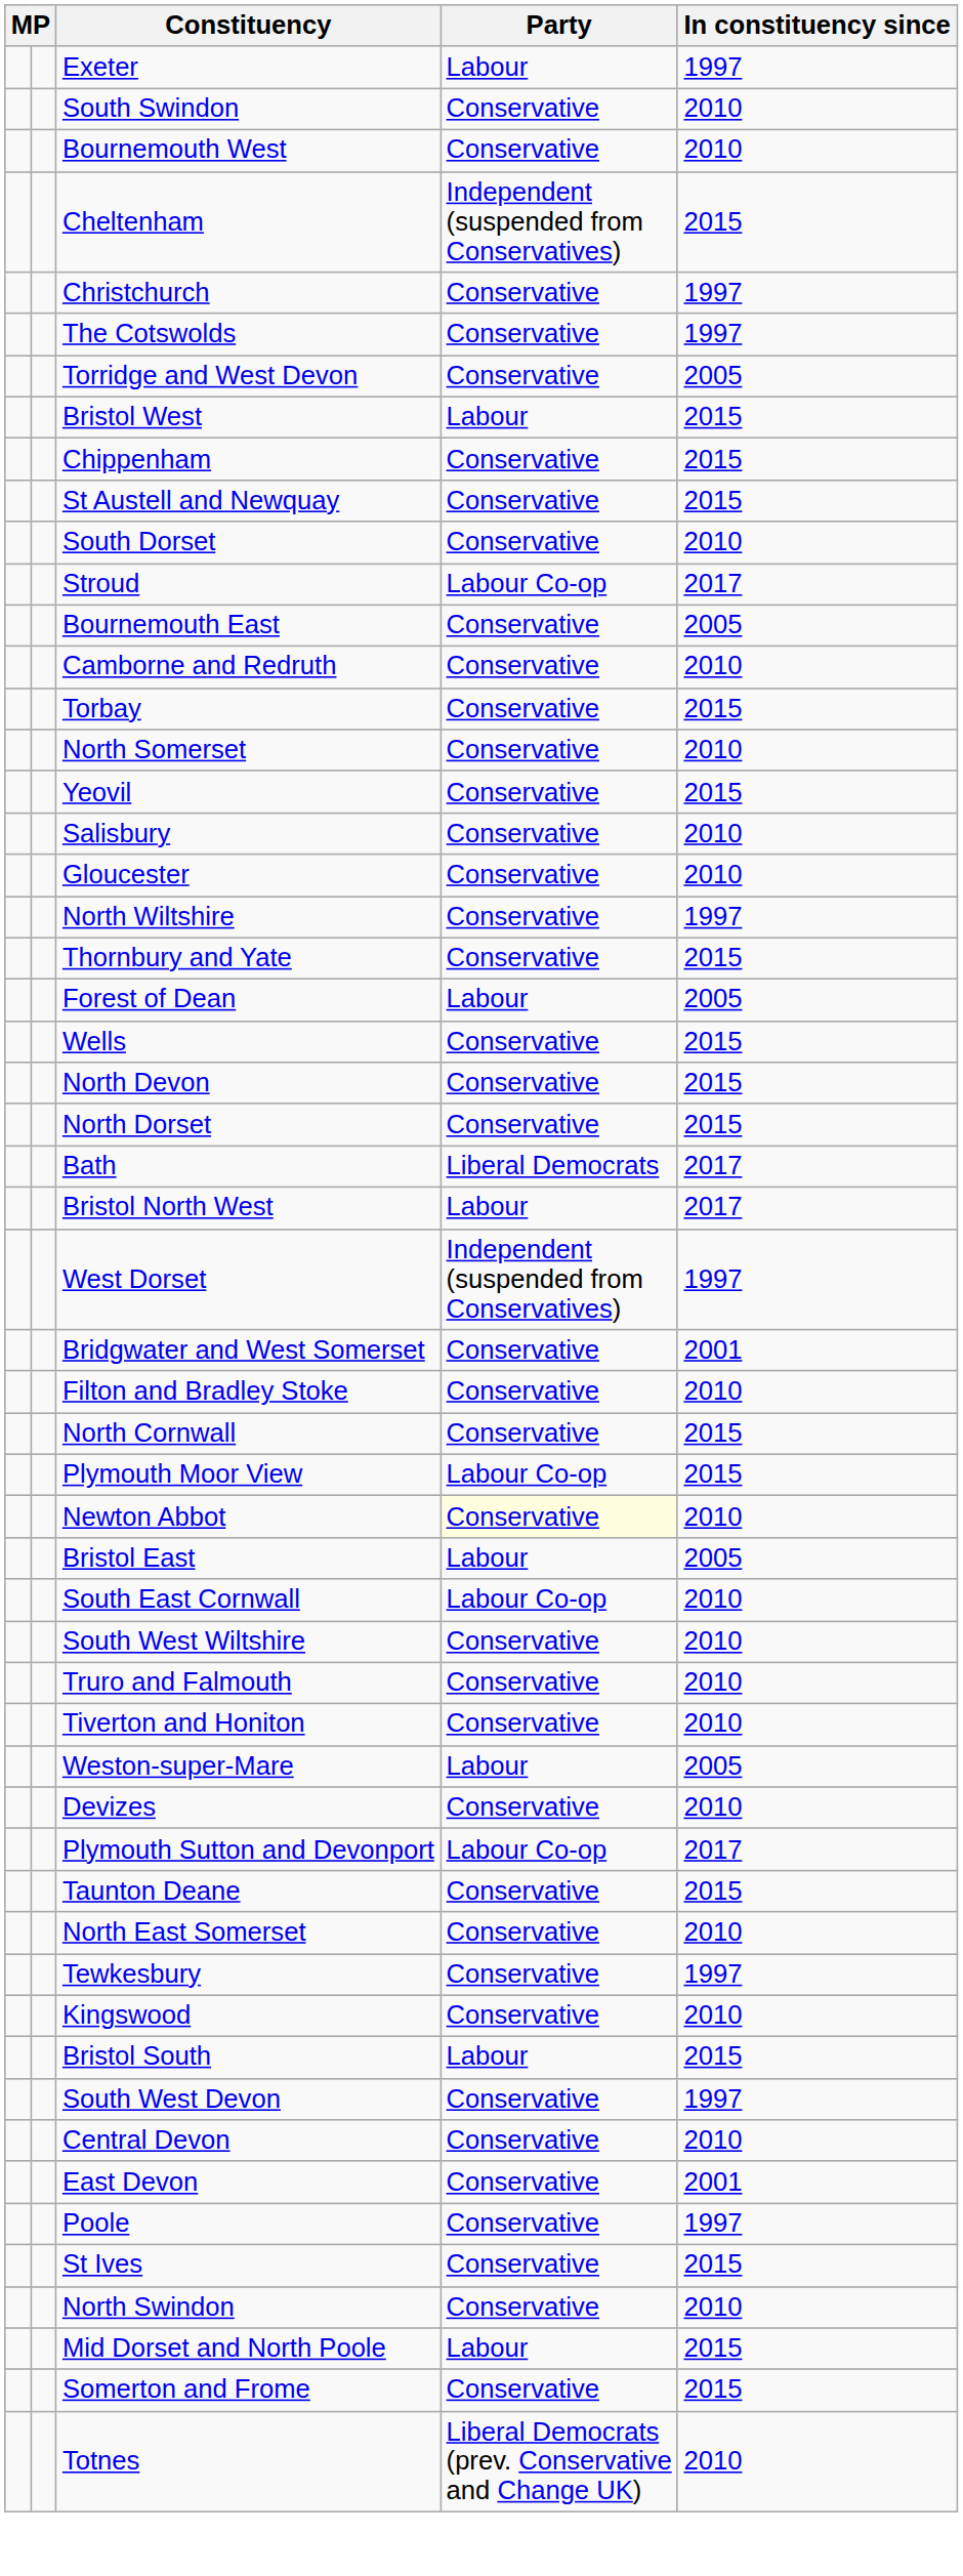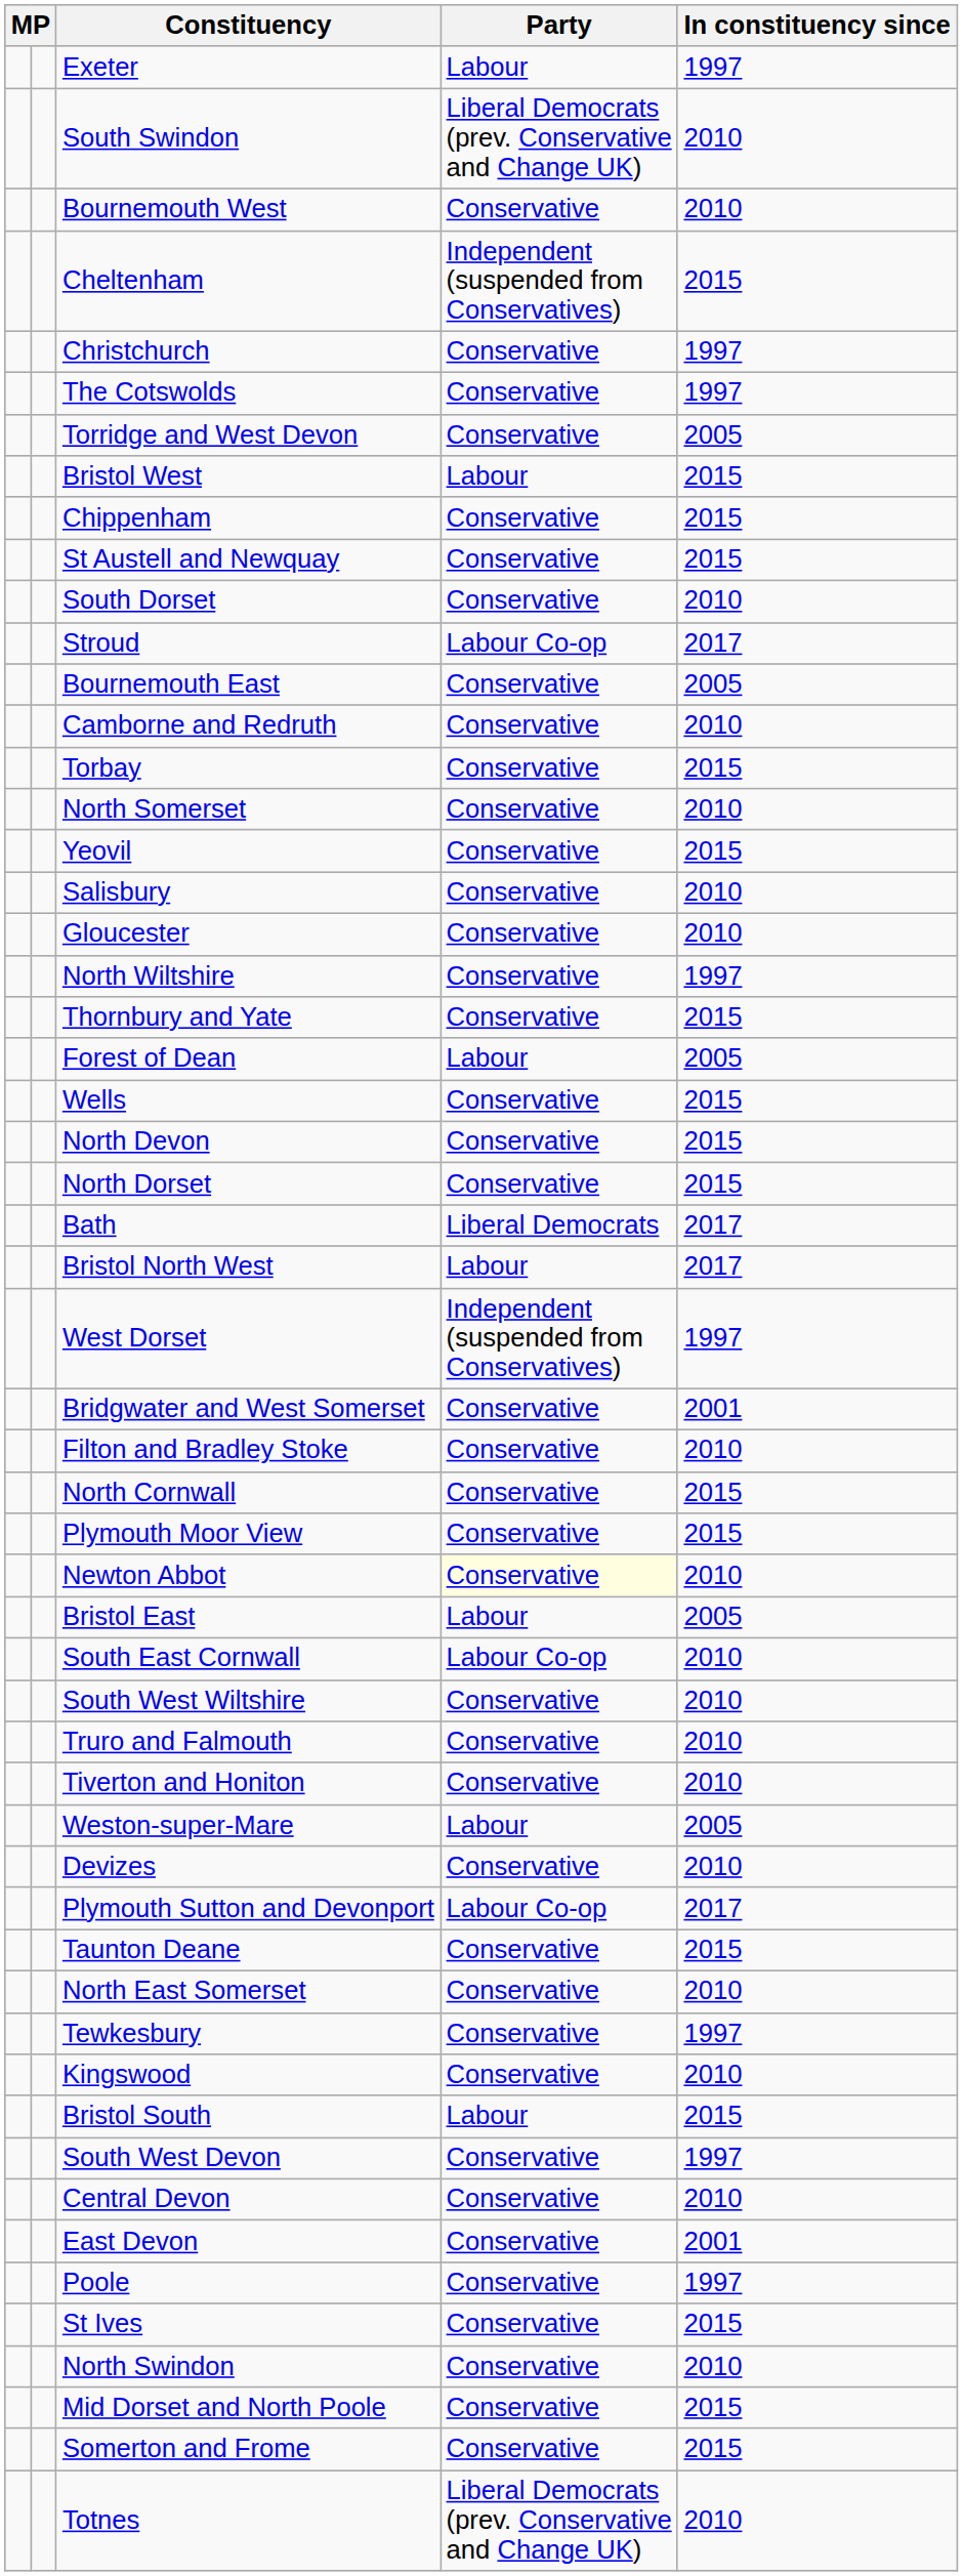 <table class="wikitable sortable">
 <tr>
 <th colspan=2>MP</th>
 <th>Constituency</th>
 <th>Party</th>
 <th>In constituency since</th>
 </tr>
 <tr>
 <td style="background-color: "></td>
 <td></td>
 <td><a href='#'>Exeter</a></td>
 <td><a href='#'>Labour</a></td>
 <td><a href='#'>1997</a></td>
 </tr>
 <tr>
 <td style="background-color: "></td>
 <td></td>
 <td><a href='#'>South Swindon</a></td>
-<td><a href='#'>Conservative</a></td>
+<td><a href='#'>Liberal Democrats</a><br>(prev. <a href='#'>Conservative</a><br>and <a href='#'>Change UK</a>)</td>
 <td><a href='#'>2010</a></td>
 </tr>
 <tr>
 <td style="background-color: "></td>
 <td></td>
 <td><a href='#'>Bournemouth West</a></td>
 <td><a href='#'>Conservative</a></td>
 <td><a href='#'>2010</a></td>
 </tr>
 <tr>
 <td style="background-color: "></td>
 <td></td>
 <td><a href='#'>Cheltenham</a></td>
 <td><a href='#'>Independent</a><br>(suspended from<br><a href='#'>Conservatives</a>)</td>
 <td><a href='#'>2015</a></td>
 </tr>
 <tr>
 <td style="background-color: "></td>
 <td></td>
 <td><a href='#'>Christchurch</a></td>
 <td><a href='#'>Conservative</a></td>
 <td><a href='#'>1997</a></td>
 </tr>
 <tr>
 <td style="background-color: "></td>
 <td></td>
 <td><a href='#'>The Cotswolds</a></td>
 <td><a href='#'>Conservative</a></td>
 <td><a href='#'>1997</a></td>
 </tr>
 <tr>
 <td style="background-color: "></td>
 <td></td>
 <td><a href='#'>Torridge and West Devon</a></td>
 <td><a href='#'>Conservative</a></td>
 <td><a href='#'>2005</a></td>
 </tr>
 <tr>
 <td style="background-color: "></td>
 <td></td>
 <td><a href='#'>Bristol West</a></td>
 <td><a href='#'>Labour</a></td>
 <td><a href='#'>2015</a></td>
 </tr>
 <tr>
 <td style="background-color: "></td>
 <td></td>
 <td><a href='#'>Chippenham</a></td>
 <td><a href='#'>Conservative</a></td>
 <td><a href='#'>2015</a></td>
 </tr>
 <tr>
 <td style="background-color: "></td>
 <td></td>
 <td><a href='#'>St Austell and Newquay</a></td>
 <td><a href='#'>Conservative</a></td>
 <td><a href='#'>2015</a></td>
 </tr>
 <tr>
 <td style="background-color: "></td>
 <td></td>
 <td><a href='#'>South Dorset</a></td>
 <td><a href='#'>Conservative</a></td>
 <td><a href='#'>2010</a></td>
 </tr>
 <tr>
 <td style="background-color: "></td>
 <td></td>
 <td><a href='#'>Stroud</a></td>
 <td><a href='#'>Labour Co-op</a></td>
 <td><a href='#'>2017</a></td>
 </tr>
 <tr>
 <td style="background-color: "></td>
 <td></td>
 <td><a href='#'>Bournemouth East</a></td>
 <td><a href='#'>Conservative</a></td>
 <td><a href='#'>2005</a></td>
 </tr>
 <tr>
 <td style="background-color: "></td>
 <td></td>
 <td><a href='#'>Camborne and Redruth</a></td>
 <td><a href='#'>Conservative</a></td>
 <td><a href='#'>2010</a></td>
 </tr>
 <tr>
 <td style="background-color: "></td>
 <td></td>
 <td><a href='#'>Torbay</a></td>
 <td><a href='#'>Conservative</a></td>
 <td><a href='#'>2015</a></td>
 </tr>
 <tr>
 <td style="background-color: "></td>
 <td></td>
 <td><a href='#'>North Somerset</a></td>
 <td><a href='#'>Conservative</a></td>
 <td><a href='#'>2010</a></td>
 </tr>
 <tr>
 <td style="background-color: "></td>
 <td></td>
 <td><a href='#'>Yeovil</a></td>
 <td><a href='#'>Conservative</a></td>
 <td><a href='#'>2015</a></td>
 </tr>
 <tr>
 <td style="background-color: "></td>
 <td></td>
 <td><a href='#'>Salisbury</a></td>
 <td><a href='#'>Conservative</a></td>
 <td><a href='#'>2010</a></td>
 </tr>
 <tr>
 <td style="background-color: "></td>
 <td></td>
 <td><a href='#'>Gloucester</a></td>
 <td><a href='#'>Conservative</a></td>
 <td><a href='#'>2010</a></td>
 </tr>
 <tr>
 <td style="background-color: "></td>
 <td></td>
 <td><a href='#'>North Wiltshire</a></td>
 <td><a href='#'>Conservative</a></td>
 <td><a href='#'>1997</a></td>
 </tr>
 <tr>
 <td style="background-color: "></td>
 <td></td>
 <td><a href='#'>Thornbury and Yate</a></td>
 <td><a href='#'>Conservative</a></td>
 <td><a href='#'>2015</a></td>
 </tr>
 <tr>
 <td style="background-color: "></td>
 <td></td>
 <td><a href='#'>Forest of Dean</a></td>
 <td><a href='#'>Labour</a></td>
 <td><a href='#'>2005</a></td>
 </tr>
 <tr>
 <td style="background-color: "></td>
 <td></td>
 <td><a href='#'>Wells</a></td>
 <td><a href='#'>Conservative</a></td>
 <td><a href='#'>2015</a></td>
 </tr>
 <tr>
 <td style="background-color: "></td>
 <td></td>
 <td><a href='#'>North Devon</a></td>
 <td><a href='#'>Conservative</a></td>
 <td><a href='#'>2015</a></td>
 </tr>
 <tr>
 <td style="background-color: "></td>
 <td></td>
 <td><a href='#'>North Dorset</a></td>
 <td><a href='#'>Conservative</a></td>
 <td><a href='#'>2015</a></td>
 </tr>
 <tr>
 <td style="background-color: "></td>
 <td></td>
 <td><a href='#'>Bath</a></td>
 <td><a href='#'>Liberal Democrats</a></td>
 <td><a href='#'>2017</a></td>
 </tr>
 <tr>
 <td style="background-color: "></td>
 <td></td>
 <td><a href='#'>Bristol North West</a></td>
 <td><a href='#'>Labour</a></td>
 <td><a href='#'>2017</a></td>
 </tr>
 <tr>
 <td style="background-color: "></td>
 <td></td>
 <td><a href='#'>West Dorset</a></td>
 <td><a href='#'>Independent</a><br>(suspended from<br><a href='#'>Conservatives</a>)</td>
 <td><a href='#'>1997</a></td>
 </tr>
 <tr>
 <td style="background-color: "></td>
 <td></td>
 <td><a href='#'>Bridgwater and West Somerset</a></td>
 <td><a href='#'>Conservative</a></td>
 <td><a href='#'>2001</a></td>
 </tr>
 <tr>
 <td style="background-color: "></td>
 <td></td>
 <td><a href='#'>Filton and Bradley Stoke</a></td>
 <td><a href='#'>Conservative</a></td>
 <td><a href='#'>2010</a></td>
 </tr>
 <tr>
 <td style="background-color: "></td>
 <td></td>
 <td><a href='#'>North Cornwall</a></td>
 <td><a href='#'>Conservative</a></td>
 <td><a href='#'>2015</a></td>
 </tr>
 <tr>
 <td style="background-color: "></td>
 <td></td>
 <td><a href='#'>Plymouth Moor View</a></td>
-<td><a href='#'>Labour Co-op</a></td>
+<td><a href='#'>Conservative</a></td>
 <td><a href='#'>2015</a></td>
 </tr>
 <tr>
 <td style="background-color: "></td>
 <td></td>
 <td><a href='#'>Newton Abbot</a></td>
 <td style="background: lightyellow;"><a href='#'>Conservative</a></td>
 <td><a href='#'>2010</a></td>
 </tr>
 <tr>
 <td style="background-color: "></td>
 <td></td>
 <td><a href='#'>Bristol East</a></td>
 <td><a href='#'>Labour</a></td>
 <td><a href='#'>2005</a></td>
 </tr>
 <tr>
 <td style="background-color: "></td>
 <td></td>
 <td><a href='#'>South East Cornwall</a></td>
 <td><a href='#'>Labour Co-op</a></td>
 <td><a href='#'>2010</a></td>
 </tr>
 <tr>
 <td style="background-color: "></td>
 <td></td>
 <td><a href='#'>South West Wiltshire</a></td>
 <td><a href='#'>Conservative</a></td>
 <td><a href='#'>2010</a></td>
 </tr>
 <tr>
 <td style="background-color: "></td>
 <td></td>
 <td><a href='#'>Truro and Falmouth</a></td>
 <td><a href='#'>Conservative</a></td>
 <td><a href='#'>2010</a></td>
 </tr>
 <tr>
 <td style="background-color: "></td>
 <td></td>
 <td><a href='#'>Tiverton and Honiton</a></td>
 <td><a href='#'>Conservative</a></td>
 <td><a href='#'>2010</a></td>
 </tr>
 <tr>
 <td style="background-color: "></td>
 <td></td>
 <td><a href='#'>Weston-super-Mare</a></td>
 <td><a href='#'>Labour</a></td>
 <td><a href='#'>2005</a></td>
 </tr>
 <tr>
 <td style="background-color: "></td>
 <td></td>
 <td><a href='#'>Devizes</a></td>
 <td><a href='#'>Conservative</a></td>
 <td><a href='#'>2010</a></td>
 </tr>
 <tr>
 <td style="background-color: "></td>
 <td></td>
 <td><a href='#'>Plymouth Sutton and Devonport</a></td>
 <td><a href='#'>Labour Co-op</a></td>
 <td><a href='#'>2017</a></td>
 </tr>
 <tr>
 <td style="background-color: "></td>
 <td></td>
 <td><a href='#'>Taunton Deane</a></td>
 <td><a href='#'>Conservative</a></td>
 <td><a href='#'>2015</a></td>
 </tr>
 <tr>
 <td style="background-color: "></td>
 <td></td>
 <td><a href='#'>North East Somerset</a></td>
 <td><a href='#'>Conservative</a></td>
 <td><a href='#'>2010</a></td>
 </tr>
 <tr>
 <td style="background-color: "></td>
 <td></td>
 <td><a href='#'>Tewkesbury</a></td>
 <td><a href='#'>Conservative</a></td>
 <td><a href='#'>1997</a></td>
 </tr>
 <tr>
 <td style="background-color: "></td>
 <td></td>
 <td><a href='#'>Kingswood</a></td>
 <td><a href='#'>Conservative</a></td>
 <td><a href='#'>2010</a></td>
 </tr>
 <tr>
 <td style="background-color: "></td>
 <td></td>
 <td><a href='#'>Bristol South</a></td>
 <td><a href='#'>Labour</a></td>
 <td><a href='#'>2015</a></td>
 </tr>
 <tr>
 <td style="background-color: "></td>
 <td></td>
 <td><a href='#'>South West Devon</a></td>
 <td><a href='#'>Conservative</a></td>
 <td><a href='#'>1997</a></td>
 </tr>
 <tr>
 <td style="background-color: "></td>
 <td></td>
 <td><a href='#'>Central Devon</a></td>
 <td><a href='#'>Conservative</a></td>
 <td><a href='#'>2010</a></td>
 </tr>
 <tr>
 <td style="background-color: "></td>
 <td></td>
 <td><a href='#'>East Devon</a></td>
 <td><a href='#'>Conservative</a></td>
 <td><a href='#'>2001</a></td>
 </tr>
 <tr>
 <td style="background-color: "></td>
 <td></td>
 <td><a href='#'>Poole</a></td>
 <td><a href='#'>Conservative</a></td>
 <td><a href='#'>1997</a></td>
 </tr>
 <tr>
 <td style="background-color: "></td>
 <td></td>
 <td><a href='#'>St Ives</a></td>
 <td><a href='#'>Conservative</a></td>
 <td><a href='#'>2015</a></td>
 </tr>
 <tr>
 <td style="background-color: "></td>
 <td></td>
 <td><a href='#'>North Swindon</a></td>
 <td><a href='#'>Conservative</a></td>
 <td><a href='#'>2010</a></td>
 </tr>
 <tr>
 <td style="background-color: "></td>
 <td></td>
 <td><a href='#'>Mid Dorset and North Poole</a></td>
-<td><a href='#'>Labour</a></td>
+<td><a href='#'>Conservative</a></td>
 <td><a href='#'>2015</a></td>
 </tr>
 <tr>
 <td style="background-color: "></td>
 <td></td>
 <td><a href='#'>Somerton and Frome</a></td>
 <td><a href='#'>Conservative</a></td>
 <td><a href='#'>2015</a></td>
 </tr>
 <tr>
 <td></td>
 <td></td>
 <td><a href='#'>Totnes</a></td>
 <td><a href='#'>Liberal Democrats</a><br>(prev. <a href='#'>Conservative</a><br>and <a href='#'>Change UK</a>)</td>
 <td><a href='#'>2010</a></td>
 </tr>
 </table>
